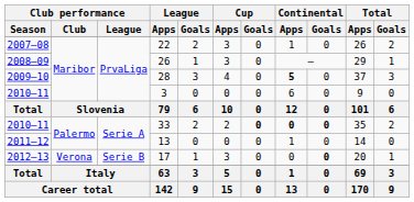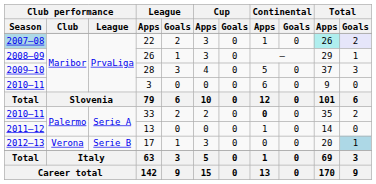 <table class="wikitable" style="text-align:center">
 <tr>
 <th colspan=3>Club performance</th>
 <th colspan=2>League</th>
 <th colspan=2>Cup</th>
 <th colspan=2>Continental</th>
 <th colspan=2>Total</th>
 </tr>
 <tr>
 <th>Season</th>
 <th>Club</th>
 <th>League</th>
 <th>Apps</th>
 <th>Goals</th>
 <th>Apps</th>
 <th>Goals</th>
 <th>Apps</th>
 <th>Goals</th>
 <th>Apps</th>
 <th>Goals</th>
 </tr>
 <tr>
 </tr>
 <tr>
-<td><a href='#'>2007–08</a></td>
+<td style="background: lightblue;"><a href='#'>2007–08</a></td>
 <td rowspan="4"><a href='#'>Maribor</a></td>
 <td rowspan="4"><a href='#'>PrvaLiga</a></td>
 <td>22</td>
 <td>2</td>
 <td>3</td>
 <td>0</td>
 <td>1</td>
 <td>0</td>
-<td>26</td>
-<td>2</td>
+<td style="background: paleturquoise;">26</td>
+<td style="background: lavender;">2</td>
 </tr>
 <tr>
 <td><a href='#'>2008–09</a></td>
 <td>26</td>
 <td>1</td>
 <td>3</td>
 <td>0</td>
 <td colspan="2">—</td>
 <td>29</td>
 <td>1</td>
 </tr>
 <tr>
 <td><a href='#'>2009–10</a></td>
 <td>28</td>
 <td>3</td>
 <td>4</td>
 <td>0</td>
-<td><strong>5</strong></td>
+<td>5</td>
 <td>0</td>
 <td>37</td>
 <td>3</td>
 </tr>
 <tr>
 <td><a href='#'>2010–11</a></td>
 <td>3</td>
 <td>0</td>
 <td>0</td>
 <td>0</td>
 <td>6</td>
 <td>0</td>
 <td>9</td>
 <td>0</td>
 </tr>
 <tr>
 <th rowspan=NY>Total</th>
 <th colspan=2>Slovenia</th>
 <th>79</th>
 <th>6</th>
 <th>10</th>
 <th>0</th>
 <th>12</th>
 <th>0</th>
 <th>101</th>
 <th>6</th>
 </tr>
 <tr>
 <td><a href='#'>2010–11</a></td>
 <td rowspan="2"><a href='#'>Palermo</a></td>
 <td rowspan="2"><a href='#'>Serie A</a></td>
 <td>33</td>
 <td>2</td>
 <td>2</td>
+<td>0</td>
 <td><strong>0</strong></td>
-<td><strong>0</strong></td>
-<td><strong>0</strong></td>
+<td>0</td>
 <td>35</td>
 <td>2</td>
 </tr>
 <tr>
 <td><a href='#'>2011–12</a></td>
 <td>13</td>
 <td>0</td>
 <td>0</td>
 <td>0</td>
 <td>1</td>
 <td>0</td>
 <td>14</td>
 <td>0</td>
 </tr>
 <tr>
 <td><a href='#'>2012–13</a></td>
 <td><a href='#'>Verona</a></td>
 <td><a href='#'>Serie B</a></td>
 <td>17</td>
 <td>1</td>
 <td>3</td>
 <td>0</td>
 <td>0</td>
-<td><strong>0</strong></td>
+<td>0</td>
 <td>20</td>
-<td>1</td>
+<td style="background: lightblue;">1</td>
 </tr>
 <tr>
 </tr>
 <tr>
 <th rowspan=NY>Total</th>
 <th colspan=2>Italy</th>
 <th>63</th>
 <th>3</th>
 <th>5</th>
 <th>0</th>
 <th>1</th>
 <th>0</th>
 <th>69</th>
 <th>3</th>
 </tr>
 <tr>
 <th colspan=3>Career total</th>
 <th>142</th>
 <th>9</th>
 <th>15</th>
 <th>0</th>
 <th>13</th>
 <th>0</th>
 <th>170</th>
 <th>9</th>
 </tr>
 </table>
